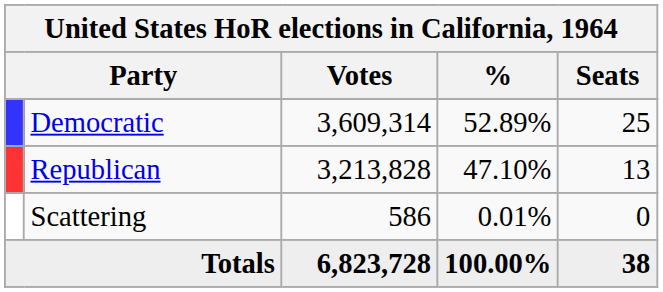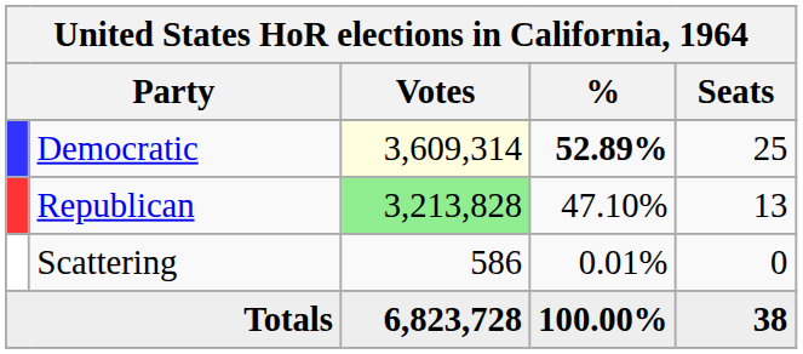 <table class="wikitable" style="font-size: 95%;">
 <tr>
 <th colspan="7">United States HoR elections in California, 1964</th>
 </tr>
 <tr>
 <th colspan=2 style="width: 5em">Party</th>
 <th style="width: 5em">Votes</th>
 <th style="width: 3em">%</th>
 <th style="width: 3em">Seats</th>
 </tr>
 <tr>
 </tr>
 <tr>
 <th style="background-color:#3333FF; width: 3px"></th>
 <td style="width: 130px"><a href='#'>Democratic</a></td>
-<td align="right">3,609,314</td>
-<td align="right">52.89%</td>
+<td align="right" style="background: lightyellow;">3,609,314</td>
+<td align="right"><strong>52.89%</strong></td>
 <td align="right">25</td>
 </tr>
 <tr>
 <th style="background-color:#FF3333; width: 3px"></th>
 <td style="width: 130px"><a href='#'>Republican</a></td>
-<td align="right">3,213,828</td>
+<td align="right" style="background: lightgreen;">3,213,828</td>
 <td align="right">47.10%</td>
 <td align="right">13</td>
 </tr>
 <tr>
 <th style="background-color:#FFFFFF; width: 3px"></th>
 <td style="width: 130px">Scattering</td>
 <td align="right">586</td>
 <td align="right">0.01%</td>
 <td align="right">0</td>
 </tr>
 <tr bgcolor="#EEEEEE">
 <td colspan="2" align="right"><strong>Totals</strong></td>
 <td align="right"><strong>6,823,728</strong></td>
 <td align="right"><strong>100.00%</strong></td>
 <td align="right"><strong>38</strong></td>
 </tr>
 </table>
